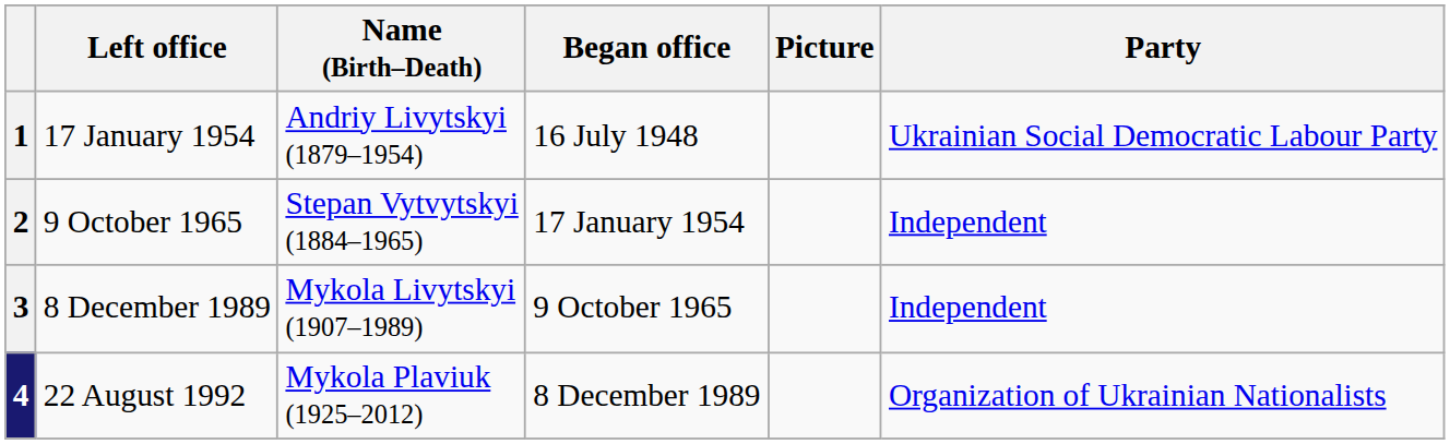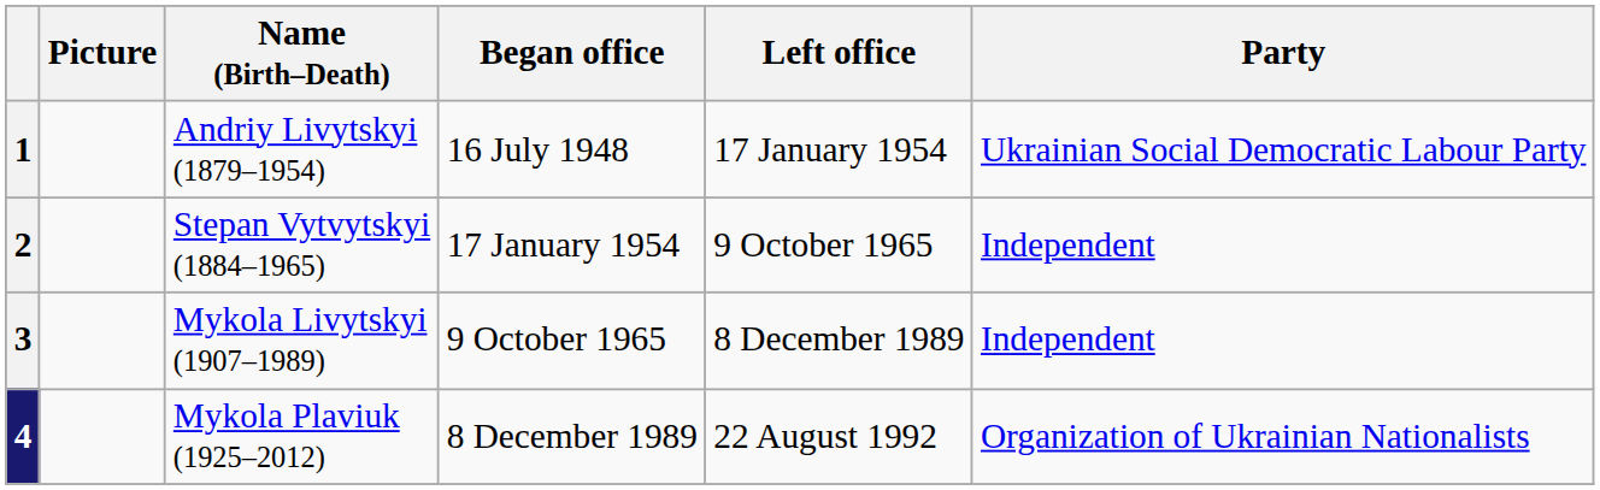 <table class="wikitable">
 <tr>
 <th></th>
-<th>Left office</th>
+<th>Picture</th>
 <th>Name<br><small>(Birth–Death)</small></th>
 <th>Began office</th>
-<th>Picture</th>
+<th>Left office</th>
 <th>Party</th>
 </tr>
 <tr>
 <th style="background:">1</th>
-<td>17 January 1954</td>
+<td></td>
 <td><a href='#'>Andriy Livytskyi</a><br><small>(1879–1954)</small></td>
 <td>16 July 1948</td>
-<td></td>
+<td>17 January 1954</td>
 <td><a href='#'>Ukrainian Social Democratic Labour Party</a></td>
 </tr>
 <tr>
 <th style="background:">2</th>
-<td>9 October 1965</td>
+<td></td>
 <td><a href='#'>Stepan Vytvytskyi</a><br><small>(1884–1965)</small></td>
 <td>17 January 1954</td>
-<td></td>
+<td>9 October 1965</td>
 <td><a href='#'>Independent</a></td>
 </tr>
 <tr>
 <th style="background:">3</th>
-<td>8 December 1989</td>
+<td></td>
 <td><a href='#'>Mykola Livytskyi</a><br><small>(1907–1989)</small></td>
 <td>9 October 1965</td>
-<td></td>
+<td>8 December 1989</td>
 <td><a href='#'>Independent</a></td>
 </tr>
 <tr>
 <th style="background:#191970; color:white">4</th>
-<td>22 August 1992</td>
+<td></td>
 <td><a href='#'>Mykola Plaviuk</a><br><small>(1925–2012)</small></td>
 <td>8 December 1989</td>
-<td></td>
+<td>22 August 1992</td>
 <td><a href='#'>Organization of Ukrainian Nationalists</a></td>
 </tr>
 </table>
